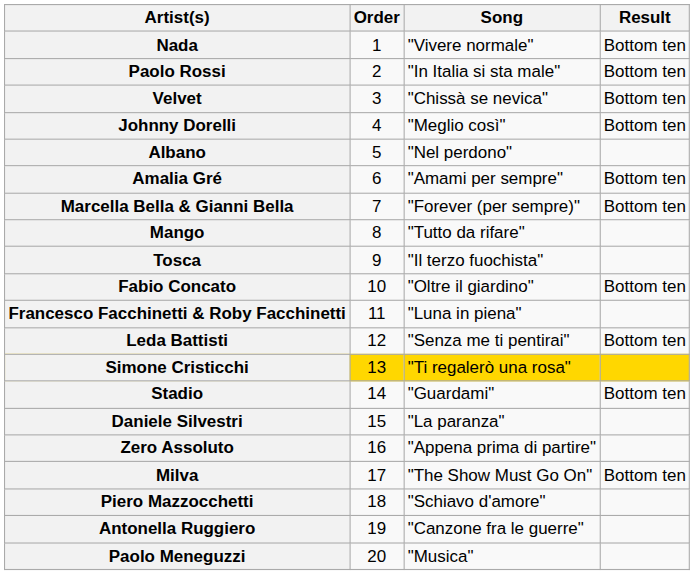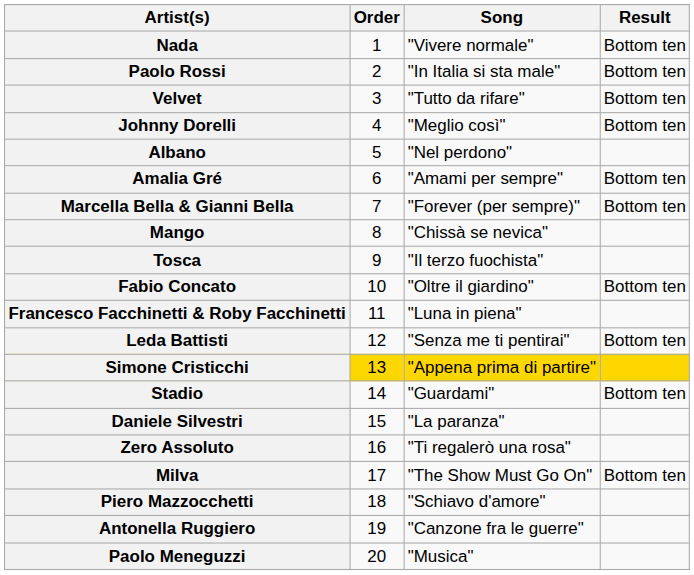 <table class="wikitable plainrowheaders sortable">
 <tr>
 </tr>
 <tr>
 <th>Artist(s)</th>
 <th>Order</th>
 <th>Song</th>
 <th>Result</th>
 </tr>
 <tr>
 <th scope="row">Nada</th>
 <td style="text-align:center;">1</td>
 <td>"Vivere normale"</td>
 <td style="text-align:center;">Bottom ten</td>
 </tr>
 <tr>
 <th scope="row">Paolo Rossi</th>
 <td style="text-align:center;">2</td>
 <td>"In Italia si sta male"</td>
 <td style="text-align:center;">Bottom ten</td>
 </tr>
 <tr>
 <th scope="row">Velvet</th>
 <td style="text-align:center;">3</td>
-<td>"Chissà se nevica"</td>
+<td>"Tutto da rifare"</td>
 <td style="text-align:center;">Bottom ten</td>
 </tr>
 <tr>
 <th scope="row">Johnny Dorelli</th>
 <td style="text-align:center;">4</td>
 <td>"Meglio così"</td>
 <td style="text-align:center;">Bottom ten</td>
 </tr>
 <tr>
 <th scope="row">Albano</th>
 <td style="text-align:center;">5</td>
 <td>"Nel perdono"</td>
 <td style="text-align:center;"></td>
 </tr>
 <tr>
 <th scope="row">Amalia Gré</th>
 <td style="text-align:center;">6</td>
 <td>"Amami per sempre"</td>
 <td style="text-align:center;">Bottom ten</td>
 </tr>
 <tr>
 <th scope="row">Marcella Bella & Gianni Bella</th>
 <td style="text-align:center;">7</td>
 <td>"Forever (per sempre)"</td>
 <td style="text-align:center;">Bottom ten</td>
 </tr>
 <tr>
 <th scope="row">Mango</th>
 <td style="text-align:center;">8</td>
-<td>"Tutto da rifare"</td>
+<td>"Chissà se nevica"</td>
 <td style="text-align:center;"></td>
 </tr>
 <tr>
 <th scope="row">Tosca</th>
 <td style="text-align:center;">9</td>
 <td>"Il terzo fuochista"</td>
 <td style="text-align:center;"></td>
 </tr>
 <tr>
 <th scope="row">Fabio Concato</th>
 <td style="text-align:center;">10</td>
 <td>"Oltre il giardino"</td>
 <td style="text-align:center;">Bottom ten</td>
 </tr>
 <tr>
 <th scope="row">Francesco Facchinetti & Roby Facchinetti</th>
 <td style="text-align:center;">11</td>
 <td>"Luna in piena"</td>
 <td style="text-align:center;"></td>
 </tr>
 <tr>
 <th scope="row">Leda Battisti</th>
 <td style="text-align:center;">12</td>
 <td>"Senza me ti pentirai"</td>
 <td style="text-align:center;">Bottom ten</td>
 </tr>
 <tr style="background:gold;">
 <th scope="row">Simone Cristicchi</th>
 <td style="text-align:center;">13</td>
-<td>"Ti regalerò una rosa"</td>
+<td>"Appena prima di partire"</td>
 <td style="text-align:center;"></td>
 </tr>
 <tr>
 <th scope="row">Stadio</th>
 <td style="text-align:center;">14</td>
 <td>"Guardami"</td>
 <td style="text-align:center;">Bottom ten</td>
 </tr>
 <tr>
 <th scope="row">Daniele Silvestri</th>
 <td style="text-align:center;">15</td>
 <td>"La paranza"</td>
 <td style="text-align:center;"></td>
 </tr>
 <tr>
 <th scope="row">Zero Assoluto</th>
 <td style="text-align:center;">16</td>
-<td>"Appena prima di partire"</td>
+<td>"Ti regalerò una rosa"</td>
 <td style="text-align:center;"></td>
 </tr>
 <tr>
 <th scope="row">Milva</th>
 <td style="text-align:center;">17</td>
 <td>"The Show Must Go On"</td>
 <td style="text-align:center;">Bottom ten</td>
 </tr>
 <tr>
 <th scope="row">Piero Mazzocchetti</th>
 <td style="text-align:center;">18</td>
 <td>"Schiavo d'amore"</td>
 <td style="text-align:center;"></td>
 </tr>
 <tr>
 <th scope="row">Antonella Ruggiero</th>
 <td style="text-align:center;">19</td>
 <td>"Canzone fra le guerre"</td>
 <td style="text-align:center;"></td>
 </tr>
 <tr>
 <th scope="row">Paolo Meneguzzi</th>
 <td style="text-align:center;">20</td>
 <td>"Musica"</td>
 <td style="text-align:center;"></td>
 </tr>
 <tr>
 </tr>
 </table>
